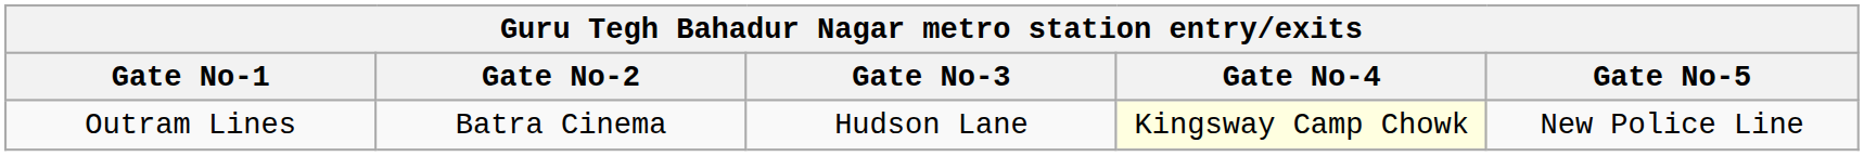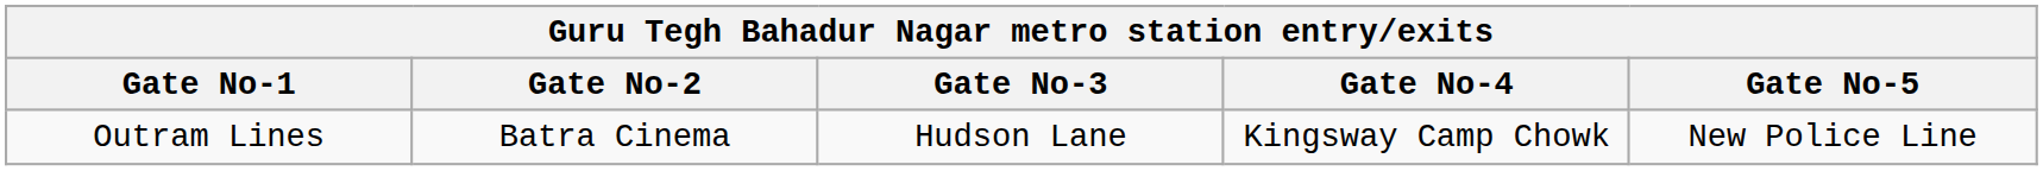 <table class="wikitable" style="text-align: center;" width="65%">
 <tr>
 <th align="center" colspan="5" style="background:#"><span>Guru Tegh Bahadur Nagar metro station entry/exits</span></th>
 </tr>
 <tr>
 <th style="width:15%;">Gate No-1</th>
 <th style="width:15%;">Gate No-2</th>
 <th style="width:15%;">Gate No-3</th>
 <th style="width:15%;">Gate No-4</th>
 <th style="width:15%;">Gate No-5</th>
 </tr>
 <tr>
 <td>Outram Lines</td>
 <td>Batra Cinema</td>
 <td>Hudson Lane</td>
-<td style="background: lightyellow;">Kingsway Camp Chowk</td>
+<td>Kingsway Camp Chowk</td>
 <td>New Police Line</td>
 </tr>
 </table>
